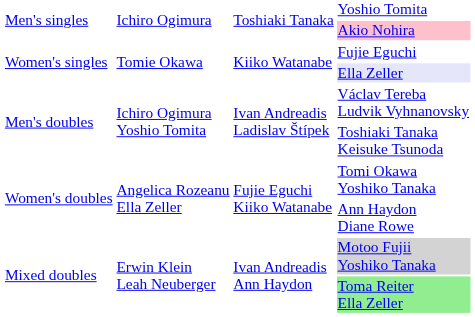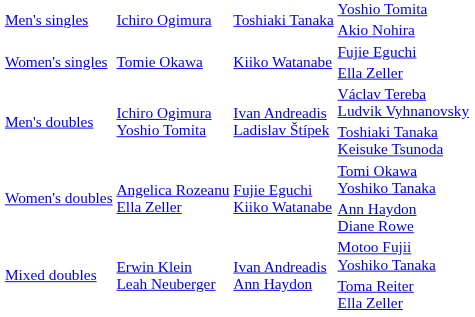 <table>
 <tr>
 <td rowspan=2><a href='#'>Men's singles</a></td>
 <td rowspan=2> <a href='#'>Ichiro Ogimura</a></td>
 <td rowspan=2> <a href='#'>Toshiaki Tanaka</a></td>
 <td> <a href='#'>Yoshio Tomita</a></td>
 </tr>
 <tr>
-<td style="background: pink;"> <a href='#'>Akio Nohira</a></td>
+<td> <a href='#'>Akio Nohira</a></td>
 </tr>
 <tr>
 <td rowspan=2><a href='#'>Women's singles</a></td>
 <td rowspan=2> <a href='#'>Tomie Okawa</a></td>
 <td rowspan=2> <a href='#'>Kiiko Watanabe</a></td>
 <td> <a href='#'>Fujie Eguchi</a></td>
 </tr>
 <tr>
-<td style="background: lavender;"> <a href='#'>Ella Zeller</a></td>
+<td> <a href='#'>Ella Zeller</a></td>
 </tr>
 <tr>
 <td rowspan=2><a href='#'>Men's doubles</a></td>
 <td rowspan=2> <a href='#'>Ichiro Ogimura</a><br> <a href='#'>Yoshio Tomita</a></td>
 <td rowspan=2> <a href='#'>Ivan Andreadis</a><br> <a href='#'>Ladislav Štípek</a></td>
 <td> <a href='#'>Václav Tereba</a><br> <a href='#'>Ludvik Vyhnanovsky</a></td>
 </tr>
 <tr>
 <td> <a href='#'>Toshiaki Tanaka</a><br> <a href='#'>Keisuke Tsunoda</a></td>
 </tr>
 <tr>
 <td rowspan=2><a href='#'>Women's doubles</a></td>
 <td rowspan=2> <a href='#'>Angelica Rozeanu</a><br> <a href='#'>Ella Zeller</a></td>
 <td rowspan=2> <a href='#'>Fujie Eguchi</a><br> <a href='#'>Kiiko Watanabe</a></td>
 <td> <a href='#'>Tomi Okawa</a><br> <a href='#'>Yoshiko Tanaka</a></td>
 </tr>
 <tr>
 <td> <a href='#'>Ann Haydon</a><br> <a href='#'>Diane Rowe</a></td>
 </tr>
 <tr>
 <td rowspan=2><a href='#'>Mixed doubles</a></td>
 <td rowspan=2> <a href='#'>Erwin Klein</a><br> <a href='#'>Leah Neuberger</a></td>
 <td rowspan=2> <a href='#'>Ivan Andreadis</a><br> <a href='#'>Ann Haydon</a></td>
-<td style="background: lightgrey;"> <a href='#'>Motoo Fujii</a><br> <a href='#'>Yoshiko Tanaka</a></td>
+<td> <a href='#'>Motoo Fujii</a><br> <a href='#'>Yoshiko Tanaka</a></td>
 </tr>
 <tr>
-<td style="background: lightgreen;"> <a href='#'>Toma Reiter</a><br> <a href='#'>Ella Zeller</a></td>
+<td> <a href='#'>Toma Reiter</a><br> <a href='#'>Ella Zeller</a></td>
 </tr>
 </table>
